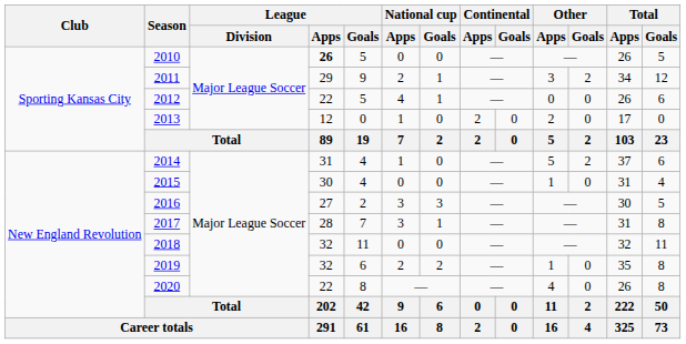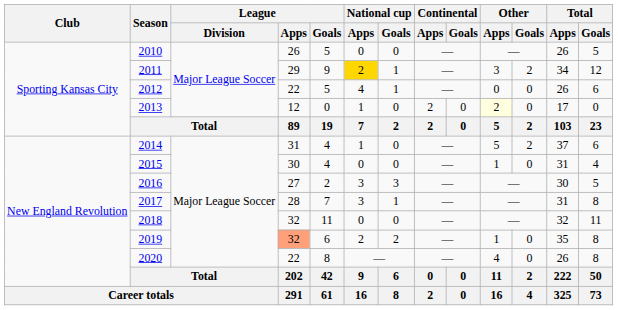 <table class="wikitable" style="text-align:center">
 <tr>
 <th rowspan="2">Club</th>
 <th rowspan="2">Season</th>
 <th colspan="3">League</th>
 <th colspan="2">National cup</th>
 <th colspan="2">Continental</th>
 <th colspan="2">Other</th>
 <th colspan="2">Total</th>
 </tr>
 <tr>
 <th>Division</th>
 <th>Apps</th>
 <th>Goals</th>
 <th>Apps</th>
 <th>Goals</th>
 <th>Apps</th>
 <th>Goals</th>
 <th>Apps</th>
 <th>Goals</th>
 <th>Apps</th>
 <th>Goals</th>
 </tr>
 <tr>
 <td rowspan="5"><a href='#'>Sporting Kansas City</a></td>
 <td><a href='#'>2010</a></td>
 <td rowspan="4"><a href='#'>Major League Soccer</a></td>
-<td><strong>26</strong></td>
+<td>26</td>
 <td>5</td>
 <td>0</td>
 <td>0</td>
 <td colspan="2">—</td>
 <td colspan="2">—</td>
 <td>26</td>
 <td>5</td>
 </tr>
 <tr>
 <td><a href='#'>2011</a></td>
 <td>29</td>
 <td>9</td>
-<td>2</td>
+<td style="background: gold;">2</td>
 <td>1</td>
 <td colspan="2">—</td>
 <td>3</td>
 <td>2</td>
 <td>34</td>
 <td>12</td>
 </tr>
 <tr>
 <td><a href='#'>2012</a></td>
 <td>22</td>
 <td>5</td>
 <td>4</td>
 <td>1</td>
 <td colspan="2">—</td>
 <td>0</td>
 <td>0</td>
 <td>26</td>
 <td>6</td>
 </tr>
 <tr>
 <td><a href='#'>2013</a></td>
 <td>12</td>
 <td>0</td>
 <td>1</td>
 <td>0</td>
 <td>2</td>
 <td>0</td>
-<td>2</td>
+<td style="background: lightyellow;">2</td>
 <td>0</td>
 <td>17</td>
 <td>0</td>
 </tr>
 <tr>
 <th colspan="2">Total</th>
 <th>89</th>
 <th>19</th>
 <th>7</th>
 <th>2</th>
 <th>2</th>
 <th>0</th>
 <th>5</th>
 <th>2</th>
 <th>103</th>
 <th>23</th>
 </tr>
 <tr>
 <td rowspan="8"><a href='#'>New England Revolution</a></td>
 <td><a href='#'>2014</a></td>
 <td rowspan="7">Major League Soccer</td>
 <td>31</td>
 <td>4</td>
 <td>1</td>
 <td>0</td>
 <td colspan="2">—</td>
 <td>5</td>
 <td>2</td>
 <td>37</td>
 <td>6</td>
 </tr>
 <tr>
 <td><a href='#'>2015</a></td>
 <td>30</td>
 <td>4</td>
 <td>0</td>
 <td>0</td>
 <td colspan="2">—</td>
 <td>1</td>
 <td>0</td>
 <td>31</td>
 <td>4</td>
 </tr>
 <tr>
 <td><a href='#'>2016</a></td>
 <td>27</td>
 <td>2</td>
 <td>3</td>
 <td>3</td>
 <td colspan="2">—</td>
 <td colspan="2">—</td>
 <td>30</td>
 <td>5</td>
 </tr>
 <tr>
 <td><a href='#'>2017</a></td>
 <td>28</td>
 <td>7</td>
 <td>3</td>
 <td>1</td>
 <td colspan="2">—</td>
 <td colspan="2">—</td>
 <td>31</td>
 <td>8</td>
 </tr>
 <tr>
 <td><a href='#'>2018</a></td>
 <td>32</td>
 <td>11</td>
 <td>0</td>
 <td>0</td>
 <td colspan="2">—</td>
 <td colspan="2">—</td>
 <td>32</td>
 <td>11</td>
 </tr>
 <tr>
 <td><a href='#'>2019</a></td>
-<td>32</td>
+<td style="background: lightsalmon;">32</td>
 <td>6</td>
 <td>2</td>
 <td>2</td>
 <td colspan="2">—</td>
 <td>1</td>
 <td>0</td>
 <td>35</td>
 <td>8</td>
 </tr>
 <tr>
 <td><a href='#'>2020</a></td>
 <td>22</td>
 <td>8</td>
 <td colspan="2">—</td>
 <td colspan="2">—</td>
 <td>4</td>
 <td>0</td>
 <td>26</td>
 <td>8</td>
 </tr>
 <tr>
 <th colspan="2">Total</th>
 <th>202</th>
 <th>42</th>
 <th>9</th>
 <th>6</th>
 <th>0</th>
 <th>0</th>
 <th>11</th>
 <th>2</th>
 <th>222</th>
 <th>50</th>
 </tr>
 <tr>
 <th colspan="3">Career totals</th>
 <th>291</th>
 <th>61</th>
 <th>16</th>
 <th>8</th>
 <th>2</th>
 <th>0</th>
 <th>16</th>
 <th>4</th>
 <th>325</th>
 <th>73</th>
 </tr>
 </table>
